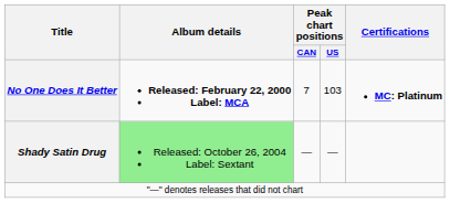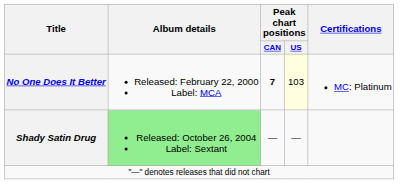 <table class="wikitable plainrowheaders" style="text-align:center;">
 <tr>
 <th rowspan="2">Title</th>
 <th rowspan="2">Album details</th>
 <th colspan="2">Peak chart positions</th>
 <th rowspan="2"><a href='#'>Certifications</a><br></th>
 </tr>
 <tr style="font-size:smaller;">
 <th style="width:30px;"><a href='#'>CAN</a></th>
 <th style="width:30px;"><a href='#'>US</a></th>
 </tr>
 <tr>
 <th scope="row"><em><a href='#'>No One Does It Better</a></em></th>
-<td><strong><br><ul><li>Released: February 22, 2000</li><li>Label: <a href='#'>MCA</a></li></ul></strong></td>
-<td>7</td>
-<td>103</td>
-<td><strong><br><ul><li><a href='#'>MC</a>: Platinum</li></ul></strong></td>
+<td><br><ul><li>Released: February 22, 2000</li><li>Label: <a href='#'>MCA</a></li></ul></td>
+<td><strong>7</strong></td>
+<td style="background: lightyellow;">103</td>
+<td><br><ul><li><a href='#'>MC</a>: Platinum</li></ul></td>
 </tr>
 <tr>
 <th scope="row"><em>Shady Satin Drug</em></th>
 <td style="background: lightgreen;"><br><ul><li>Released: October 26, 2004</li><li>Label: Sextant</li></ul></td>
 <td>—</td>
 <td>—</td>
 <td></td>
 </tr>
 <tr>
 <td colspan="10" style="font-size:85%">"—" denotes releases that did not chart</td>
 </tr>
 </table>
